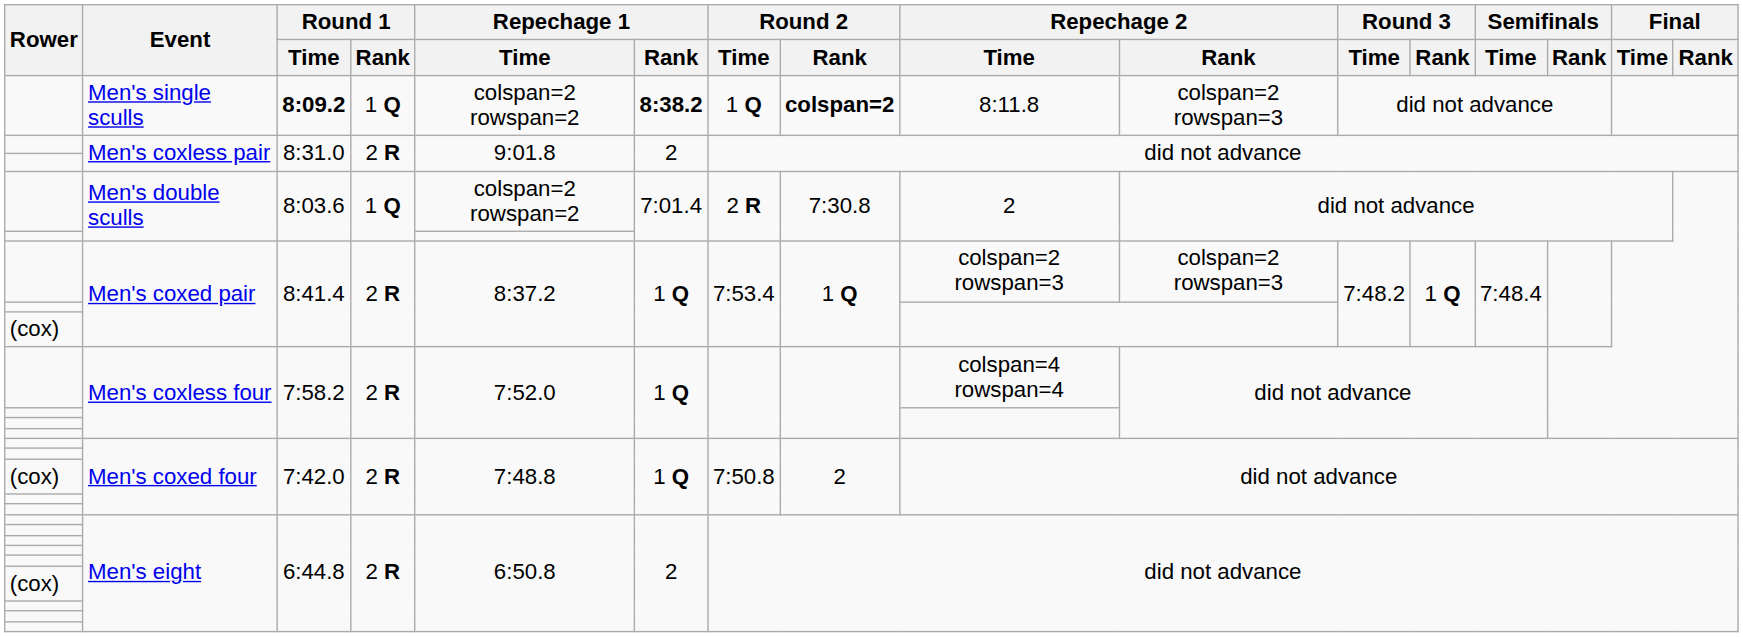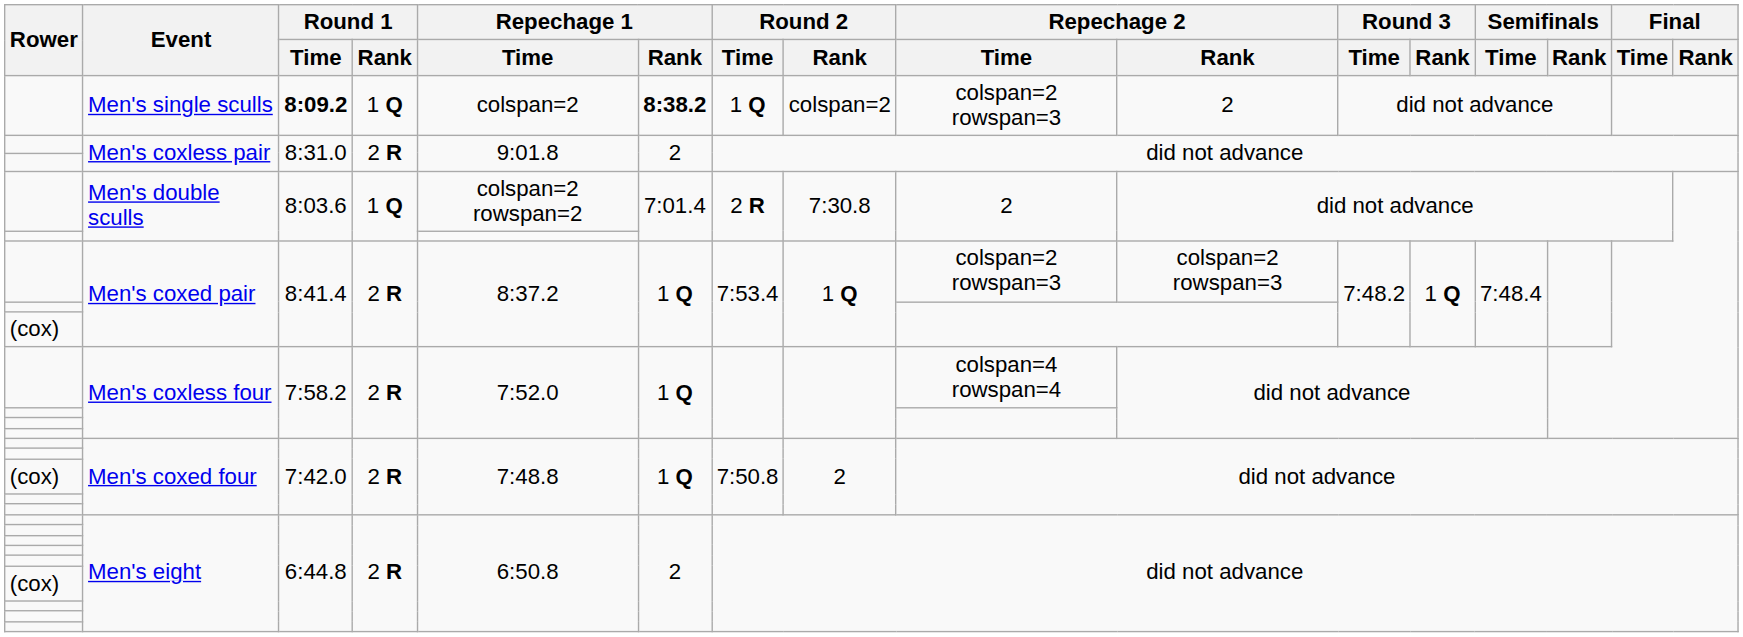 <table class="wikitable sortable" style=text-align:center>
 <tr>
 <th rowspan=2>Rower</th>
 <th rowspan=2>Event</th>
 <th colspan=2>Round 1</th>
 <th colspan=2>Repechage 1</th>
 <th colspan=2>Round 2</th>
 <th colspan=2>Repechage 2</th>
 <th colspan=2>Round 3</th>
 <th colspan=2>Semifinals</th>
 <th colspan=2>Final</th>
 </tr>
 <tr>
 <th>Time</th>
 <th>Rank</th>
 <th>Time</th>
 <th>Rank</th>
 <th>Time</th>
 <th>Rank</th>
 <th>Time</th>
 <th>Rank</th>
 <th>Time</th>
 <th>Rank</th>
 <th>Time</th>
 <th>Rank</th>
 <th>Time</th>
 <th>Rank</th>
 </tr>
 <tr>
 <td align=left></td>
 <td align=left><a href='#'>Men's single sculls</a></td>
 <td><strong>8:09.2</strong></td>
 <td>1 <strong>Q</strong></td>
-<td>colspan=2 rowspan=2 </td>
+<td>colspan=2 </td>
 <td><strong>8:38.2</strong></td>
 <td>1 <strong>Q</strong></td>
-<td><strong>colspan=2 </strong></td>
-<td>8:11.8</td>
+<td>colspan=2 </td>
 <td>colspan=2 rowspan=3 </td>
+<td>2</td>
 <td colspan=4>did not advance</td>
 </tr>
 <tr>
 <td align=left></td>
 <td align=left rowspan=2><a href='#'>Men's coxless pair</a></td>
 <td rowspan=2>8:31.0</td>
 <td rowspan=2>2 <strong>R</strong></td>
 <td rowspan=2>9:01.8</td>
 <td rowspan=2>2</td>
 <td colspan=10 rowspan=2>did not advance</td>
 </tr>
 <tr>
 <td align=left></td>
 </tr>
 <tr>
 <td align=left></td>
 <td align=left rowspan=2><a href='#'>Men's double sculls</a></td>
 <td rowspan=2>8:03.6</td>
 <td rowspan=2>1 <strong>Q</strong></td>
 <td>colspan=2 rowspan=2 </td>
 <td rowspan=2>7:01.4</td>
 <td rowspan=2>2 <strong>R</strong></td>
 <td rowspan=2>7:30.8</td>
 <td rowspan=2>2</td>
 <td colspan=6 rowspan=2>did not advance</td>
 </tr>
 <tr>
 <td align=left></td>
 </tr>
 <tr>
 <td align=left><strong></strong></td>
 <td align=left rowspan=3><a href='#'>Men's coxed pair</a></td>
 <td rowspan=3>8:41.4</td>
 <td rowspan=3>2 <strong>R</strong></td>
 <td rowspan=3>8:37.2</td>
 <td rowspan=3>1 <strong>Q</strong></td>
 <td rowspan=3>7:53.4</td>
 <td rowspan=3>1 <strong>Q</strong></td>
 <td>colspan=2 rowspan=3 </td>
 <td>colspan=2 rowspan=3 </td>
 <td rowspan=3>7:48.2</td>
 <td rowspan=3>1 <strong>Q</strong></td>
 <td rowspan=3>7:48.4</td>
 <td rowspan=3></td>
 </tr>
 <tr>
 <td align=left><strong></strong></td>
 </tr>
 <tr>
 <td align=left><strong></strong> (cox)</td>
 </tr>
 <tr>
 <td align=left></td>
 <td align=left rowspan=4><a href='#'>Men's coxless four</a></td>
 <td rowspan=4>7:58.2</td>
 <td rowspan=4>2 <strong>R</strong></td>
 <td rowspan=4>7:52.0</td>
 <td rowspan=4>1 <strong>Q</strong></td>
 <td rowspan=4></td>
 <td rowspan=4></td>
 <td>colspan=4 rowspan=4 </td>
 <td colspan=4 rowspan=4>did not advance</td>
 </tr>
 <tr>
 <td align=left></td>
 </tr>
 <tr>
 <td align=left></td>
 </tr>
 <tr>
 <td align=left></td>
 </tr>
 <tr>
 <td align=left></td>
 <td align=left rowspan=5><a href='#'>Men's coxed four</a></td>
 <td rowspan=5>7:42.0</td>
 <td rowspan=5>2 <strong>R</strong></td>
 <td rowspan=5>7:48.8</td>
 <td rowspan=5>1 <strong>Q</strong></td>
 <td rowspan=5>7:50.8</td>
 <td rowspan=5>2</td>
 <td colspan=8 rowspan=5>did not advance</td>
 </tr>
 <tr>
 <td align=left></td>
 </tr>
 <tr>
 <td align=left> (cox)</td>
 </tr>
 <tr>
 <td align=left></td>
 </tr>
 <tr>
 <td align=left></td>
 </tr>
 <tr>
 <td align=left></td>
 <td align=left rowspan=9><a href='#'>Men's eight</a></td>
 <td rowspan=9>6:44.8</td>
 <td rowspan=9>2 <strong>R</strong></td>
 <td rowspan=9>6:50.8</td>
 <td rowspan=9>2</td>
 <td colspan=10 rowspan=9>did not advance</td>
 </tr>
 <tr>
 <td align=left></td>
 </tr>
 <tr>
 <td align=left></td>
 </tr>
 <tr>
 <td align=left></td>
 </tr>
 <tr>
 <td align=left></td>
 </tr>
 <tr>
 <td align=left> (cox)</td>
 </tr>
 <tr>
 <td align=left></td>
 </tr>
 <tr>
 <td align=left></td>
 </tr>
 <tr>
 <td align=left></td>
 </tr>
 </table>
